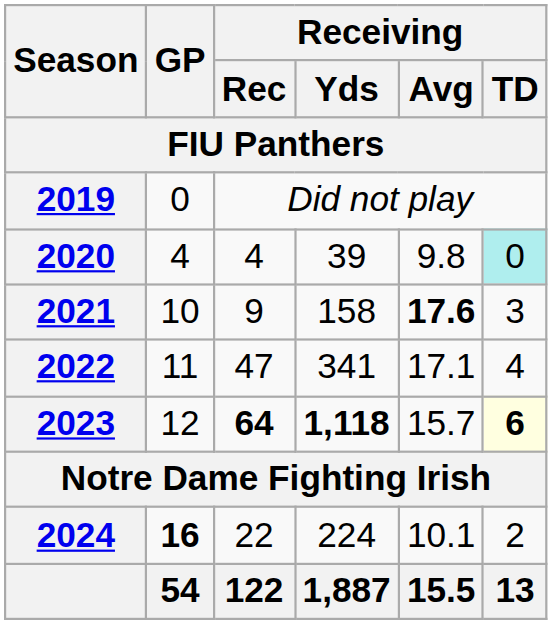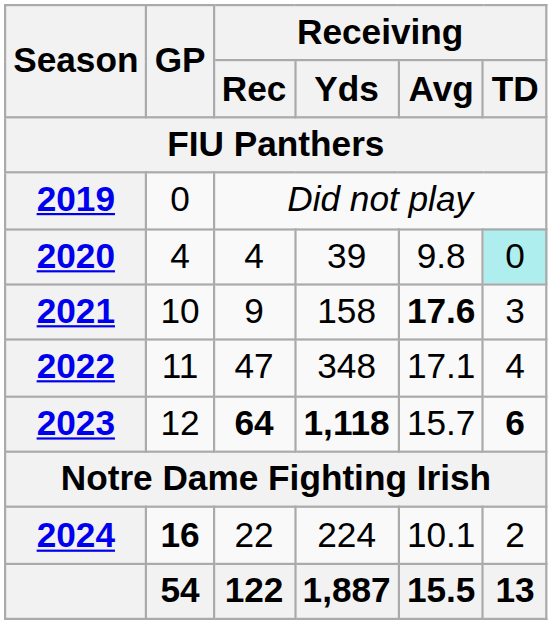 <table class="wikitable" style="text-align:center;">
 <tr>
 <th rowspan="2">Season</th>
 <th rowspan="2">GP</th>
 <th colspan="4">Receiving</th>
 </tr>
 <tr>
 <th>Rec</th>
 <th>Yds</th>
 <th>Avg</th>
 <th>TD</th>
 </tr>
 <tr>
 <th colspan="11">FIU Panthers</th>
 </tr>
 <tr>
 <th><a href='#'>2019</a></th>
 <td>0</td>
 <td colspan="4"><em>Did not play</em></td>
 </tr>
 <tr>
 <th><a href='#'>2020</a></th>
 <td>4</td>
 <td>4</td>
 <td>39</td>
 <td>9.8</td>
 <td style="background: paleturquoise;">0</td>
 </tr>
 <tr>
 <th><a href='#'>2021</a></th>
 <td>10</td>
 <td>9</td>
 <td>158</td>
 <td><strong>17.6</strong></td>
 <td>3</td>
 </tr>
 <tr>
 <th><a href='#'>2022</a></th>
 <td>11</td>
 <td>47</td>
-<td>341</td>
+<td>348</td>
 <td>17.1</td>
 <td>4</td>
 </tr>
 <tr>
 <th><a href='#'>2023</a></th>
 <td>12</td>
 <td><strong>64</strong></td>
 <td><strong>1,118</strong></td>
 <td>15.7</td>
-<td style="background: lightyellow;"><strong>6</strong></td>
+<td><strong>6</strong></td>
 </tr>
 <tr>
 <th colspan="11">Notre Dame Fighting Irish</th>
 </tr>
 <tr>
 <th><a href='#'>2024</a></th>
 <td><strong>16</strong></td>
 <td>22</td>
 <td>224</td>
 <td>10.1</td>
 <td>2</td>
 </tr>
 <tr>
 <th></th>
 <th>54</th>
 <th>122</th>
 <th>1,887</th>
 <th>15.5</th>
 <th>13</th>
 </tr>
 </table>
